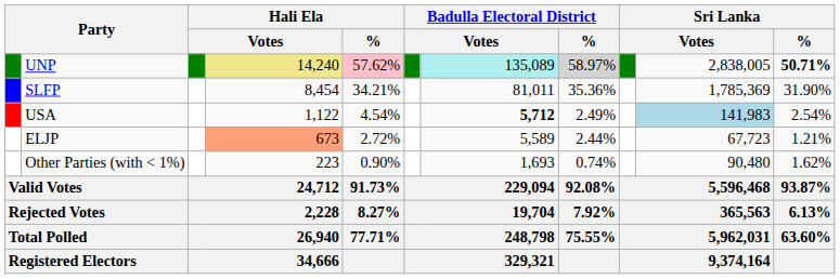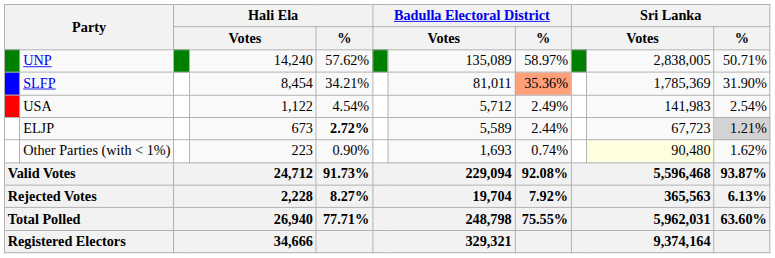 <table class="wikitable">
 <tr>
 <th colspan="2" width="144px"rowspan="2">Party</th>
 <th colspan="3" width="216px">Hali Ela</th>
 <th colspan="3" width="216px"><a href='#'>Badulla Electoral District</a></th>
 <th colspan="3" width="216px">Sri Lanka</th>
 </tr>
 <tr>
 <th colspan="2" width="144px">Votes</th>
 <th>%</th>
 <th colspan="2" width="144px">Votes</th>
 <th>%</th>
 <th colspan="2" width="144px">Votes</th>
 <th>%</th>
 </tr>
 <tr>
 <td style="background-color:green;" width="10px"></td>
 <td style="text-align:left;"><a href='#'>UNP</a></td>
 <td style="background-color:green;" width="10px"></td>
-<td style="background: khaki; text-align:right;">14,240</td>
-<td style="background: pink; text-align:right;">57.62%</td>
+<td style="text-align:right;">14,240</td>
+<td style="text-align:right;">57.62%</td>
 <td style="background-color:green;" width="10px"></td>
-<td style="background: paleturquoise; text-align:right;">135,089</td>
-<td style="background: lightgrey; text-align:right;">58.97%</td>
+<td style="text-align:right;">135,089</td>
+<td style="text-align:right;">58.97%</td>
 <td style="background-color:green;" width="10px"></td>
 <td style="text-align:right;">2,838,005</td>
-<td style="text-align:right;"><strong>50.71%</strong></td>
+<td style="text-align:right;">50.71%</td>
 </tr>
 <tr>
 <td style="background-color:blue;" width="10px"></td>
 <td style="text-align:left;"><a href='#'>SLFP</a></td>
 <td style="background-color:white;" width="10px"></td>
 <td style="text-align:right;">8,454</td>
 <td style="text-align:right;">34.21%</td>
 <td style="background-color:white;" width="10px"></td>
 <td style="text-align:right;">81,011</td>
-<td style="text-align:right;">35.36%</td>
+<td style="background: lightsalmon; text-align:right;">35.36%</td>
 <td style="background-color:white;" width="10px"></td>
 <td style="text-align:right;">1,785,369</td>
 <td style="text-align:right;">31.90%</td>
 </tr>
 <tr>
 <td style="background-color:red;" width="10px"></td>
 <td style="text-align:left;">USA</td>
 <td style="background-color:white;" width="10px"></td>
 <td style="text-align:right;">1,122</td>
 <td style="text-align:right;">4.54%</td>
 <td style="background-color:white;" width="10px"></td>
-<td style="text-align:right;"><strong>5,712</strong></td>
+<td style="text-align:right;">5,712</td>
 <td style="text-align:right;">2.49%</td>
 <td style="background-color:white;" width="10px"></td>
-<td style="background: lightblue; text-align:right;">141,983</td>
+<td style="text-align:right;">141,983</td>
 <td style="text-align:right;">2.54%</td>
 </tr>
 <tr>
 <td style="background-color:white;" width="10px"></td>
 <td style="text-align:left;">ELJP</td>
 <td style="background-color:white;" width="10px"></td>
-<td style="background: lightsalmon; text-align:right;">673</td>
-<td style="text-align:right;">2.72%</td>
+<td style="text-align:right;">673</td>
+<td style="text-align:right;"><strong>2.72%</strong></td>
 <td style="background-color:white;" width="10px"></td>
 <td style="text-align:right;">5,589</td>
 <td style="text-align:right;">2.44%</td>
 <td style="background-color:white;" width="10px"></td>
 <td style="text-align:right;">67,723</td>
-<td style="text-align:right;">1.21%</td>
+<td style="background: lightgrey; text-align:right;">1.21%</td>
 </tr>
 <tr>
 <td style="background-color:white;" width="10px"></td>
 <td style="text-align:left;">Other Parties (with < 1%)</td>
 <td style="background-color:white;" width="10px"></td>
 <td style="text-align:right;">223</td>
 <td style="text-align:right;">0.90%</td>
 <td style="background-color:white;" width="10px"></td>
 <td style="text-align:right;">1,693</td>
 <td style="text-align:right;">0.74%</td>
 <td style="background-color:white;" width="10px"></td>
-<td style="text-align:right;">90,480</td>
+<td style="background: lightyellow; text-align:right;">90,480</td>
 <td style="text-align:right;">1.62%</td>
 </tr>
 <tr>
 <th colspan="2" width="144px"style="text-align:left;">Valid Votes</th>
 <th style="text-align:right;"colspan="2" width="144px">24,712</th>
 <th style="text-align:right;">91.73%</th>
 <th style="text-align:right;"colspan="2" width="144px">229,094</th>
 <th style="text-align:right;">92.08%</th>
 <th style="text-align:right;"colspan="2" width="144px">5,596,468</th>
 <th style="text-align:right;">93.87%</th>
 </tr>
 <tr>
 <th colspan="2" width="144px"style="text-align:left;">Rejected Votes</th>
 <th style="text-align:right;"colspan="2" width="144px">2,228</th>
 <th style="text-align:right;">8.27%</th>
 <th style="text-align:right;"colspan="2" width="144px">19,704</th>
 <th style="text-align:right;">7.92%</th>
 <th style="text-align:right;"colspan="2" width="144px">365,563</th>
 <th style="text-align:right;">6.13%</th>
 </tr>
 <tr>
 <th colspan="2" width="144px"style="text-align:left;">Total Polled</th>
 <th style="text-align:right;"colspan="2" width="144px">26,940</th>
 <th style="text-align:right;">77.71%</th>
 <th style="text-align:right;"colspan="2" width="144px">248,798</th>
 <th style="text-align:right;">75.55%</th>
 <th style="text-align:right;"colspan="2" width="144px">5,962,031</th>
 <th style="text-align:right;">63.60%</th>
 </tr>
 <tr>
 <th colspan="2" width="144px"style="text-align:left;">Registered Electors</th>
 <th style="text-align:right;"colspan="2" width="144px">34,666</th>
 <th></th>
 <th style="text-align:right;"colspan="2" width="144px">329,321</th>
 <th></th>
 <th style="text-align:right;"colspan="2" width="144px">9,374,164</th>
 <th></th>
 </tr>
 </table>
